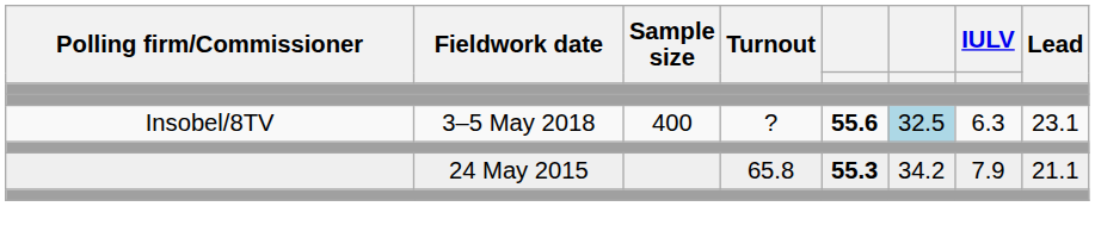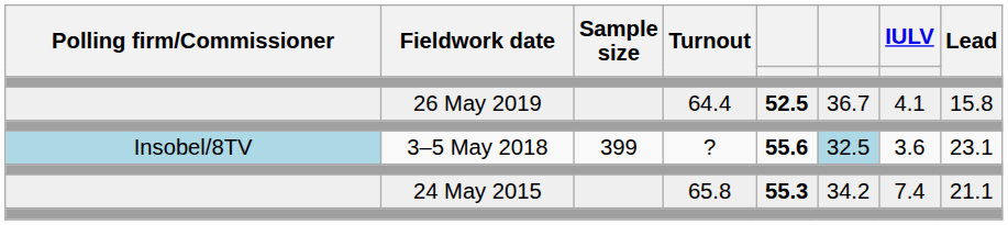 <table class="wikitable collapsible collapsed" style="text-align:center; font-size:95%; line-height:16px;">
 <tr style="height:42px;">
 <th style="width:250px;" rowspan="2">Polling firm/Commissioner</th>
 <th style="width:125px;" rowspan="2">Fieldwork date</th>
 <th style="width:50px;" rowspan="2">Sample size</th>
 <th style="width:45px;" rowspan="2">Turnout</th>
 <th style="width:35px;"></th>
 <th style="width:35px;"></th>
 <th style="width:35px;"><a href='#'>IULV</a></th>
 <th style="width:30px;" rowspan="2">Lead</th>
 </tr>
 <tr>
 <th style="color:inherit;background:"></th>
 <th style="color:inherit;background:"></th>
 <th style="color:inherit;background:"></th>
 </tr>
 <tr>
 <td colspan="8" style="background:#A0A0A0"></td>
 </tr>
+<tr style="background:#EFEFEF;">
+<td><strong></strong></td>
+<td>26 May 2019</td>
+<td></td>
+<td>64.4</td>
+<td><strong>52.5</strong><br></td>
+<td>36.7<br></td>
+<td>4.1<br></td>
+<td style="background:">15.8</td>
+</tr>
 <tr>
 <td colspan="8" style="background:#A0A0A0"></td>
 </tr>
 <tr>
-<td>Insobel/8TV</td>
+<td style="background: lightblue;">Insobel/8TV</td>
 <td>3–5 May 2018</td>
-<td>400</td>
+<td>399</td>
 <td>?</td>
 <td><strong>55.6</strong><br></td>
 <td style="background: lightblue;">32.5<br></td>
-<td>6.3<br></td>
+<td>3.6<br></td>
 <td style="background:">23.1</td>
 </tr>
 <tr>
 <td colspan="8" style="background:#A0A0A0"></td>
 </tr>
 <tr style="background:#EFEFEF;">
 <td><strong></strong></td>
 <td>24 May 2015</td>
 <td></td>
 <td>65.8</td>
 <td><strong>55.3</strong><br></td>
 <td>34.2<br></td>
-<td>7.9<br></td>
+<td>7.4<br></td>
 <td style="background:">21.1</td>
 </tr>
 <tr>
 <td colspan="8" style="background:#A0A0A0"></td>
 </tr>
 </table>
